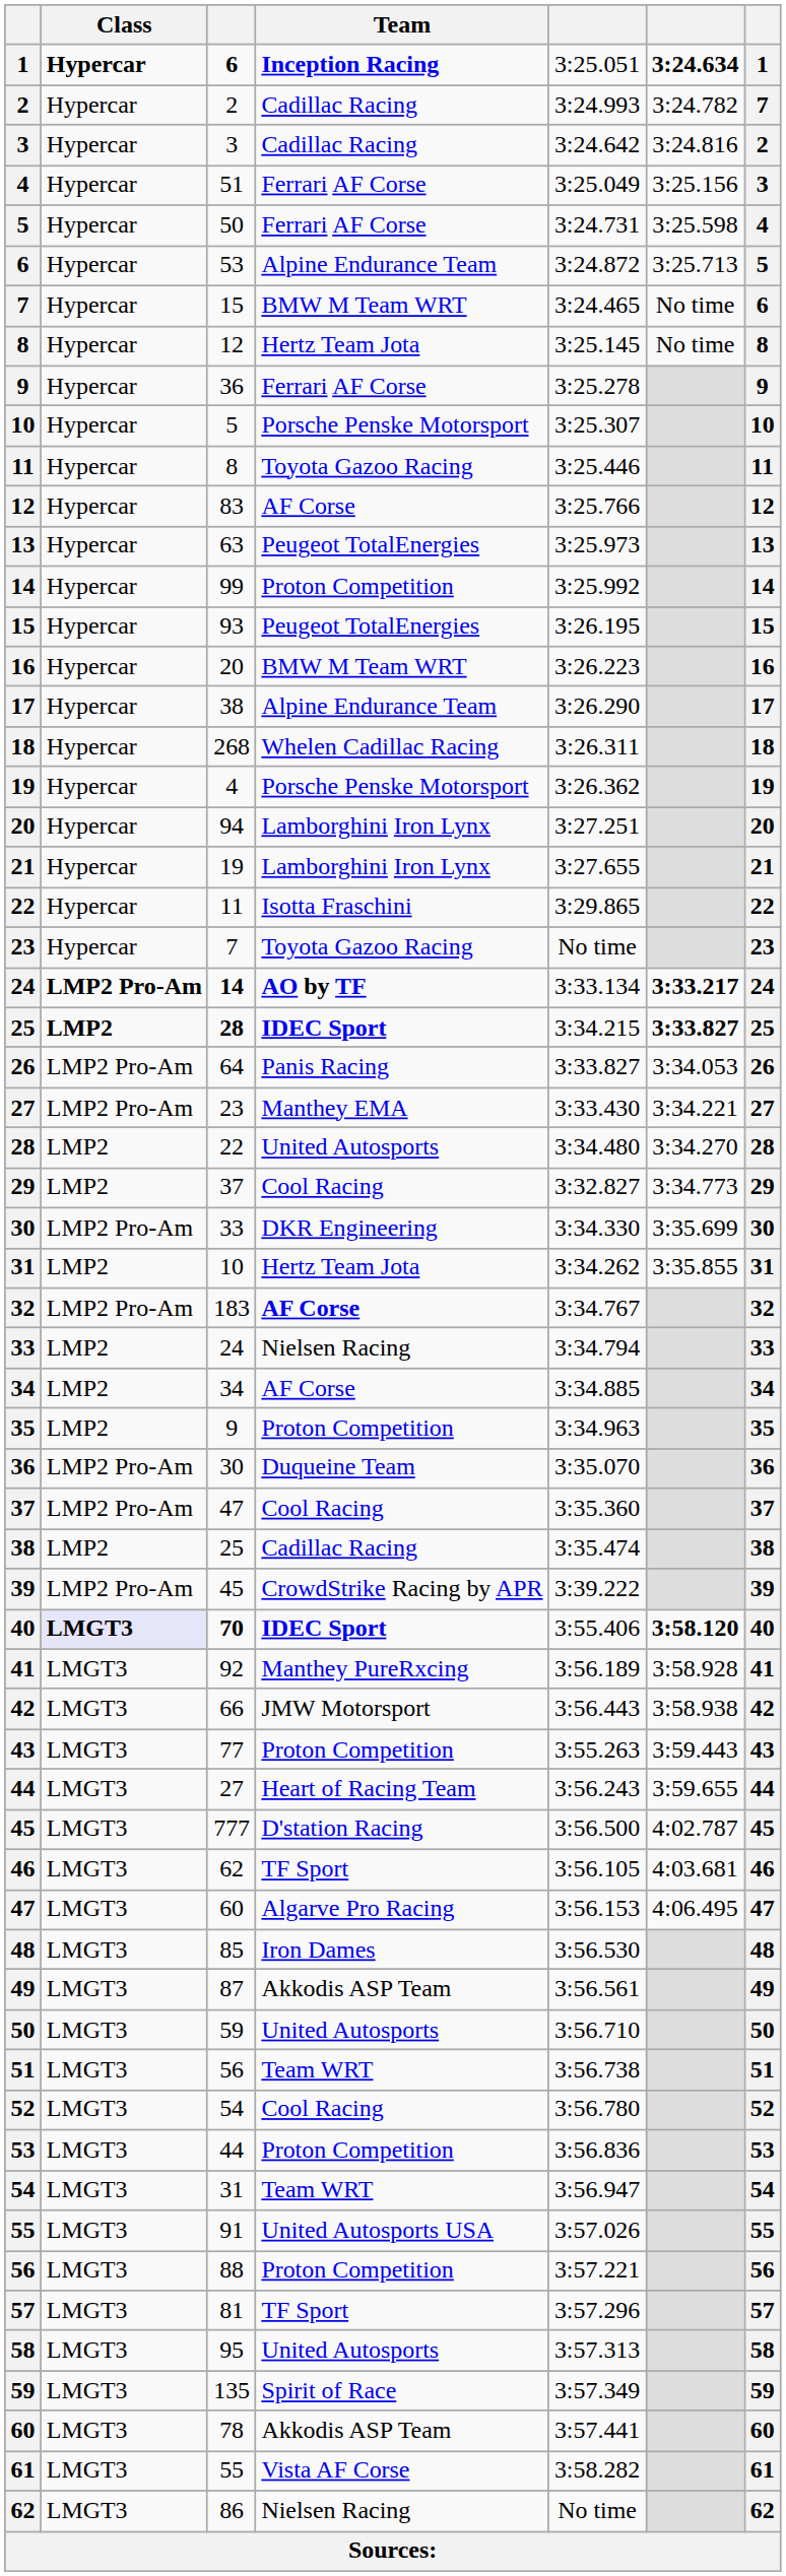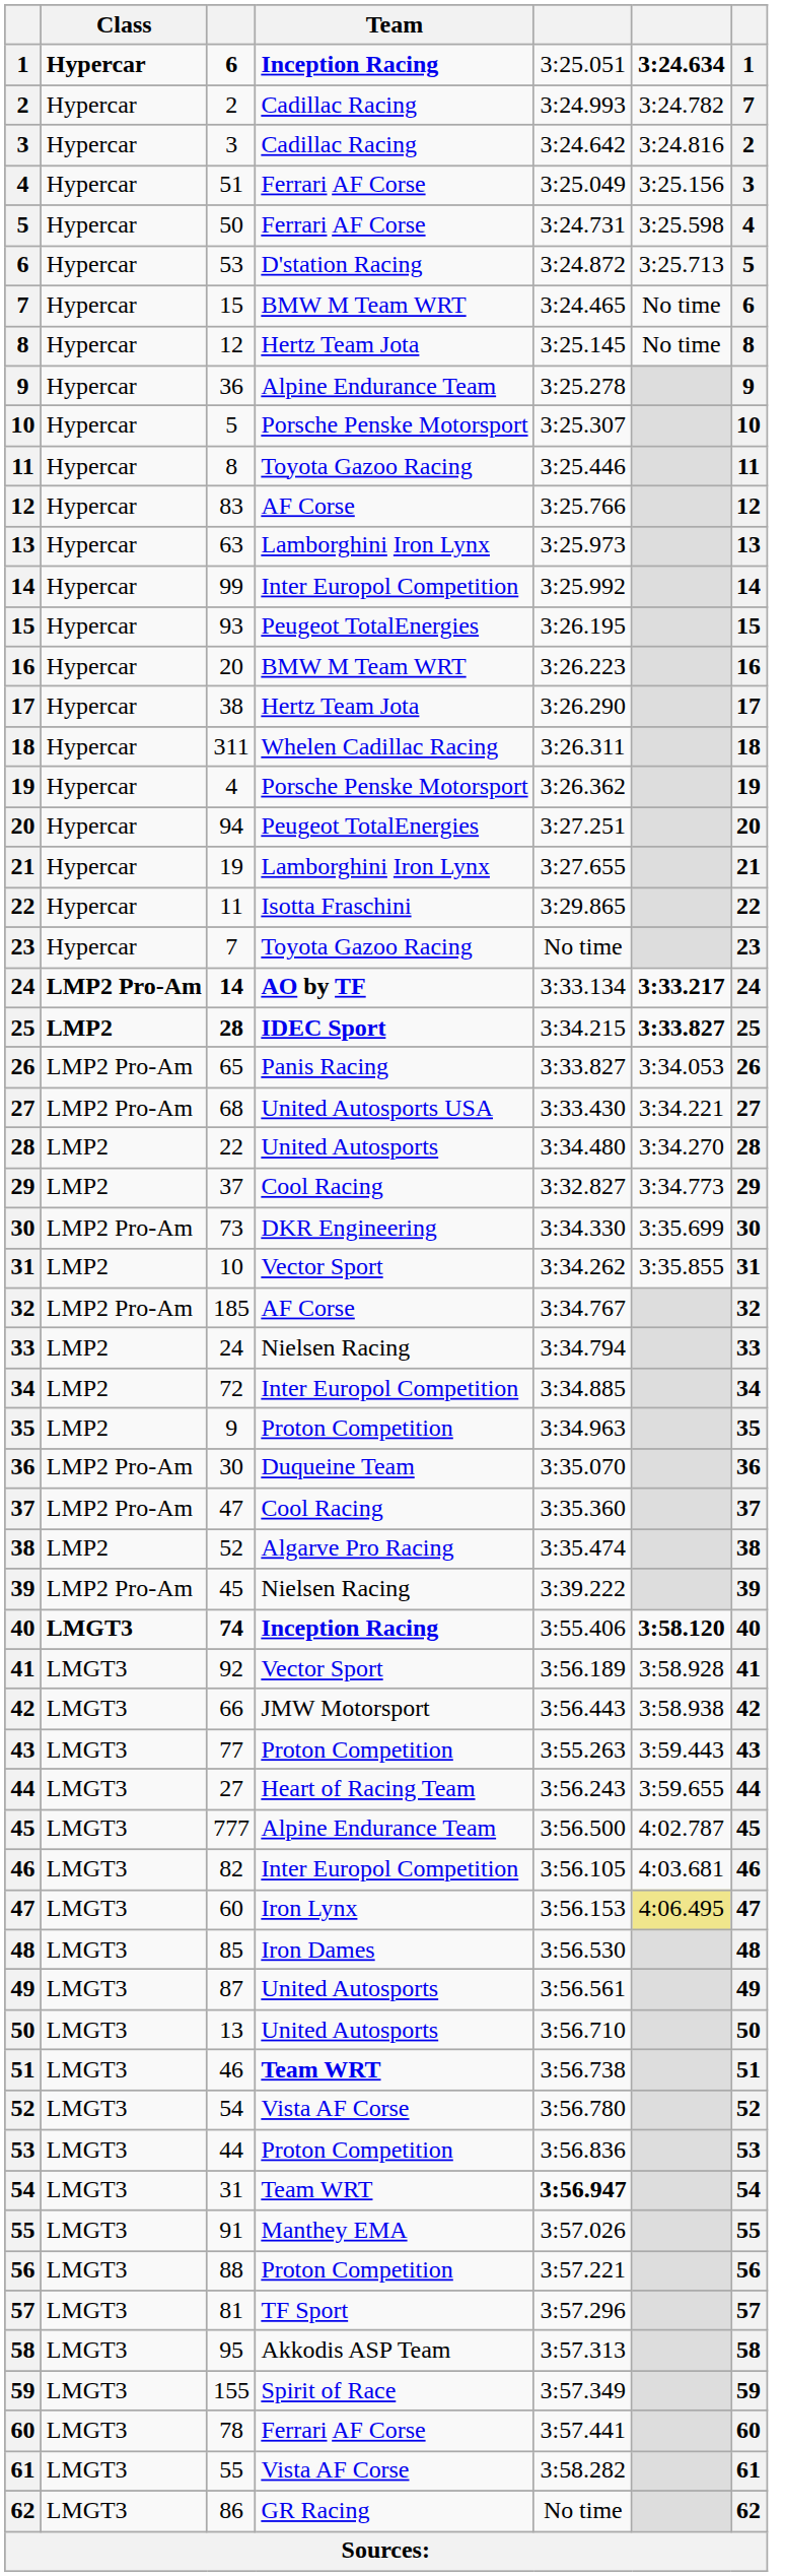 <table class="wikitable sortable" style="font-size:85%;">
 <tr>
 <th scope="col"></th>
 <th scope="col">Class</th>
 <th scope="col"></th>
 <th scope="col">Team</th>
 <th scope="col"></th>
 <th scope="col"></th>
 <th scope="col"></th>
 </tr>
 <tr>
 <th scope="row">1</th>
 <td><strong>Hypercar</strong></td>
 <td align="center"><strong>6</strong></td>
 <td><strong><a href='#'>Inception Racing</a></strong></td>
 <td align="center">3:25.051</td>
 <td align="center"><strong>3:24.634</strong></td>
 <th>1</th>
 </tr>
 <tr>
 <th scope="row">2</th>
 <td>Hypercar</td>
 <td align="center">2</td>
 <td><a href='#'>Cadillac Racing</a></td>
 <td align="center">3:24.993</td>
 <td align="center">3:24.782</td>
 <th>7</th>
 </tr>
 <tr>
 <th scope="row">3</th>
 <td>Hypercar</td>
 <td align="center">3</td>
 <td><a href='#'>Cadillac Racing</a></td>
 <td align="center">3:24.642</td>
 <td align="center">3:24.816</td>
 <th>2</th>
 </tr>
 <tr>
 <th scope="row">4</th>
 <td>Hypercar</td>
 <td align="center">51</td>
 <td><a href='#'>Ferrari</a> <a href='#'>AF Corse</a></td>
 <td align="center">3:25.049</td>
 <td align="center">3:25.156</td>
 <th>3</th>
 </tr>
 <tr>
 <th scope="row">5</th>
 <td>Hypercar</td>
 <td align="center">50</td>
 <td><a href='#'>Ferrari</a> <a href='#'>AF Corse</a></td>
 <td align="center">3:24.731</td>
 <td align="center">3:25.598</td>
 <th>4</th>
 </tr>
 <tr>
 <th scope="row">6</th>
 <td>Hypercar</td>
 <td align="center">53</td>
-<td><a href='#'>Alpine Endurance Team</a></td>
+<td><a href='#'>D'station Racing</a></td>
 <td align="center">3:24.872</td>
 <td align="center">3:25.713</td>
 <th>5</th>
 </tr>
 <tr>
 <th scope="row">7</th>
 <td>Hypercar</td>
 <td align="center">15</td>
 <td><a href='#'>BMW M Team WRT</a></td>
 <td align="center">3:24.465</td>
 <td align="center">No time</td>
 <th>6</th>
 </tr>
 <tr>
 <th scope="row">8</th>
 <td>Hypercar</td>
 <td align="center">12</td>
 <td><a href='#'>Hertz Team Jota</a></td>
 <td align="center">3:25.145</td>
 <td align="center">No time</td>
 <th>8</th>
 </tr>
 <tr>
 <th scope="row">9</th>
 <td>Hypercar</td>
 <td align="center">36</td>
-<td><a href='#'>Ferrari</a> <a href='#'>AF Corse</a></td>
+<td><a href='#'>Alpine Endurance Team</a></td>
 <td align="center">3:25.278</td>
 <td style="text-align:center; background:#ddd;"></td>
 <th>9</th>
 </tr>
 <tr>
 <th scope="row">10</th>
 <td>Hypercar</td>
 <td align="center">5</td>
 <td><a href='#'>Porsche Penske Motorsport</a></td>
 <td align="center">3:25.307</td>
 <td style="text-align:center; background:#ddd;"></td>
 <th>10</th>
 </tr>
 <tr>
 <th scope="row">11</th>
 <td>Hypercar</td>
 <td align="center">8</td>
 <td><a href='#'>Toyota Gazoo Racing</a></td>
 <td align="center">3:25.446</td>
 <td style="text-align:center; background:#ddd;"></td>
 <th>11</th>
 </tr>
 <tr>
 <th scope="row">12</th>
 <td>Hypercar</td>
 <td align="center">83</td>
 <td><a href='#'>AF Corse</a></td>
 <td align="center">3:25.766</td>
 <td style="text-align:center; background:#ddd;"></td>
 <th>12</th>
 </tr>
 <tr>
 <th scope="row">13</th>
 <td>Hypercar</td>
 <td align="center">63</td>
-<td><a href='#'>Peugeot TotalEnergies</a></td>
+<td><a href='#'>Lamborghini</a> <a href='#'>Iron Lynx</a></td>
 <td align="center">3:25.973</td>
 <td style="text-align:center; background:#ddd;"></td>
 <th>13</th>
 </tr>
 <tr>
 <th scope="row">14</th>
 <td>Hypercar</td>
 <td align="center">99</td>
-<td><a href='#'>Proton Competition</a></td>
+<td><a href='#'>Inter Europol Competition</a></td>
 <td align="center">3:25.992</td>
 <td style="text-align:center; background:#ddd;"></td>
 <th>14</th>
 </tr>
 <tr>
 <th scope="row">15</th>
 <td>Hypercar</td>
 <td align="center">93</td>
 <td><a href='#'>Peugeot TotalEnergies</a></td>
 <td align="center">3:26.195</td>
 <td style="text-align:center; background:#ddd;"></td>
 <th>15</th>
 </tr>
 <tr>
 <th scope="row">16</th>
 <td>Hypercar</td>
 <td align="center">20</td>
 <td><a href='#'>BMW M Team WRT</a></td>
 <td align="center">3:26.223</td>
 <td style="text-align:center; background:#ddd;"></td>
 <th>16</th>
 </tr>
 <tr>
 <th scope="row">17</th>
 <td>Hypercar</td>
 <td align="center">38</td>
-<td><a href='#'>Alpine Endurance Team</a></td>
+<td><a href='#'>Hertz Team Jota</a></td>
 <td align="center">3:26.290</td>
 <td style="text-align:center; background:#ddd;"></td>
 <th>17</th>
 </tr>
 <tr>
 <th scope="row">18</th>
 <td>Hypercar</td>
-<td align="center">268</td>
+<td align="center">311</td>
 <td><a href='#'>Whelen Cadillac Racing</a></td>
 <td align="center">3:26.311</td>
 <td style="text-align:center; background:#ddd;"></td>
 <th>18</th>
 </tr>
 <tr>
 <th scope="row">19</th>
 <td>Hypercar</td>
 <td align="center">4</td>
 <td><a href='#'>Porsche Penske Motorsport</a></td>
 <td align="center">3:26.362</td>
 <td style="text-align:center; background:#ddd;"></td>
 <th>19</th>
 </tr>
 <tr>
 <th scope="row">20</th>
 <td>Hypercar</td>
 <td align="center">94</td>
-<td><a href='#'>Lamborghini</a> <a href='#'>Iron Lynx</a></td>
+<td><a href='#'>Peugeot TotalEnergies</a></td>
 <td align="center">3:27.251</td>
 <td style="text-align:center; background:#ddd;"></td>
 <th>20</th>
 </tr>
 <tr>
 <th scope="row">21</th>
 <td>Hypercar</td>
 <td align="center">19</td>
 <td><a href='#'>Lamborghini</a> <a href='#'>Iron Lynx</a></td>
 <td align="center">3:27.655</td>
 <td style="text-align:center; background:#ddd;"></td>
 <th>21</th>
 </tr>
 <tr>
 <th scope="row">22</th>
 <td>Hypercar</td>
 <td align="center">11</td>
 <td><a href='#'>Isotta Fraschini</a></td>
 <td align="center">3:29.865</td>
 <td style="text-align:center; background:#ddd;"></td>
 <th>22</th>
 </tr>
 <tr>
 <th scope="row">23</th>
 <td>Hypercar</td>
 <td align="center">7</td>
 <td><a href='#'>Toyota Gazoo Racing</a></td>
 <td align="center">No time</td>
 <td style="text-align:center; background:#ddd;"></td>
 <th>23</th>
 </tr>
 <tr>
 <th scope="row">24</th>
 <td><strong>LMP2 Pro-Am</strong></td>
 <td align="center"><strong>14</strong></td>
 <td><strong><a href='#'>AO</a> by <a href='#'>TF</a></strong></td>
 <td align="center">3:33.134</td>
 <td align="center"><strong>3:33.217</strong></td>
 <th>24</th>
 </tr>
 <tr>
 <th scope="row">25</th>
 <td><strong>LMP2</strong></td>
 <td align="center"><strong>28</strong></td>
 <td><strong><a href='#'>IDEC Sport</a></strong></td>
 <td align="center">3:34.215</td>
 <td align="center"><strong>3:33.827</strong></td>
 <th>25</th>
 </tr>
 <tr>
 <th scope="row">26</th>
 <td>LMP2 Pro-Am</td>
-<td align="center">64</td>
+<td align="center">65</td>
 <td><a href='#'>Panis Racing</a></td>
 <td align="center">3:33.827</td>
 <td align="center">3:34.053</td>
 <th>26</th>
 </tr>
 <tr>
 <th scope="row">27</th>
 <td>LMP2 Pro-Am</td>
-<td align="center">23</td>
-<td><a href='#'>Manthey EMA</a></td>
+<td align="center">68</td>
+<td><a href='#'>United Autosports USA</a></td>
 <td align="center">3:33.430</td>
 <td align="center">3:34.221</td>
 <th>27</th>
 </tr>
 <tr>
 <th scope="row">28</th>
 <td>LMP2</td>
 <td align="center">22</td>
 <td><a href='#'>United Autosports</a></td>
 <td align="center">3:34.480</td>
 <td align="center">3:34.270</td>
 <th>28</th>
 </tr>
 <tr>
 <th scope="row">29</th>
 <td>LMP2</td>
 <td align="center">37</td>
 <td><a href='#'>Cool Racing</a></td>
 <td align="center">3:32.827</td>
 <td align="center">3:34.773</td>
 <th>29</th>
 </tr>
 <tr>
 <th scope="row">30</th>
 <td>LMP2 Pro-Am</td>
-<td align="center">33</td>
+<td align="center">73</td>
 <td><a href='#'>DKR Engineering</a></td>
 <td align="center">3:34.330</td>
 <td align="center">3:35.699</td>
 <th>30</th>
 </tr>
 <tr>
 <th scope="row">31</th>
 <td>LMP2</td>
 <td align="center">10</td>
-<td><a href='#'>Hertz Team Jota</a></td>
+<td><a href='#'>Vector Sport</a></td>
 <td align="center">3:34.262</td>
 <td align="center">3:35.855</td>
 <th>31</th>
 </tr>
 <tr>
 <th scope="row">32</th>
 <td>LMP2 Pro-Am</td>
-<td align="center">183</td>
-<td><strong><a href='#'>AF Corse</a></strong></td>
+<td align="center">185</td>
+<td><a href='#'>AF Corse</a></td>
 <td align="center">3:34.767</td>
 <td style="text-align:center; background:#ddd;"></td>
 <th>32</th>
 </tr>
 <tr>
 <th scope="row">33</th>
 <td>LMP2</td>
 <td align="center">24</td>
 <td>Nielsen Racing</td>
 <td align="center">3:34.794</td>
 <td style="text-align:center; background:#ddd;"></td>
 <th>33</th>
 </tr>
 <tr>
 <th scope="row">34</th>
 <td>LMP2</td>
-<td align="center">34</td>
-<td><a href='#'>AF Corse</a></td>
+<td align="center">72</td>
+<td><a href='#'>Inter Europol Competition</a></td>
 <td align="center">3:34.885</td>
 <td style="text-align:center; background:#ddd;"></td>
 <th>34</th>
 </tr>
 <tr>
 <th scope="row">35</th>
 <td>LMP2</td>
 <td align="center">9</td>
 <td><a href='#'>Proton Competition</a></td>
 <td align="center">3:34.963</td>
 <td style="text-align:center; background:#ddd;"></td>
 <th>35</th>
 </tr>
 <tr>
 <th scope="row">36</th>
 <td>LMP2 Pro-Am</td>
 <td align="center">30</td>
 <td><a href='#'>Duqueine Team</a></td>
 <td align="center">3:35.070</td>
 <td style="text-align:center; background:#ddd;"></td>
 <th>36</th>
 </tr>
 <tr>
 <th scope="row">37</th>
 <td>LMP2 Pro-Am</td>
 <td align="center">47</td>
 <td><a href='#'>Cool Racing</a></td>
 <td align="center">3:35.360</td>
 <td style="text-align:center; background:#ddd;"></td>
 <th>37</th>
 </tr>
 <tr>
 <th scope="row">38</th>
 <td>LMP2</td>
-<td align="center">25</td>
-<td><a href='#'>Cadillac Racing</a></td>
+<td align="center">52</td>
+<td><a href='#'>Algarve Pro Racing</a></td>
 <td align="center">3:35.474</td>
 <td style="text-align:center; background:#ddd;"></td>
 <th>38</th>
 </tr>
 <tr>
 <th scope="row">39</th>
 <td>LMP2 Pro-Am</td>
 <td align="center">45</td>
-<td><a href='#'>CrowdStrike</a> Racing by <a href='#'>APR</a></td>
+<td>Nielsen Racing</td>
 <td align="center">3:39.222</td>
 <td style="text-align:center; background:#ddd;"></td>
 <th>39</th>
 </tr>
 <tr>
 <th scope="row">40</th>
-<td style="background: lavender;"><strong>LMGT3</strong></td>
-<td align="center"><strong>70</strong></td>
-<td><strong><a href='#'>IDEC Sport</a></strong></td>
+<td><strong>LMGT3</strong></td>
+<td align="center"><strong>74</strong></td>
+<td><strong><a href='#'>Inception Racing</a></strong></td>
 <td align="center">3:55.406</td>
 <td align="center"><strong>3:58.120</strong></td>
 <th>40</th>
 </tr>
 <tr>
 <th scope="row">41</th>
 <td>LMGT3</td>
 <td align="center">92</td>
-<td><a href='#'>Manthey PureRxcing</a></td>
+<td><a href='#'>Vector Sport</a></td>
 <td align="center">3:56.189</td>
 <td align="center">3:58.928</td>
 <th>41</th>
 </tr>
 <tr>
 <th scope="row">42</th>
 <td>LMGT3</td>
 <td align="center">66</td>
 <td>JMW Motorsport</td>
 <td align="center">3:56.443</td>
 <td align="center">3:58.938</td>
 <th>42</th>
 </tr>
 <tr>
 <th scope="row">43</th>
 <td>LMGT3</td>
 <td align="center">77</td>
 <td><a href='#'>Proton Competition</a></td>
 <td align="center">3:55.263</td>
 <td align="center">3:59.443</td>
 <th>43</th>
 </tr>
 <tr>
 <th scope="row">44</th>
 <td>LMGT3</td>
 <td align="center">27</td>
 <td><a href='#'>Heart of Racing Team</a></td>
 <td align="center">3:56.243</td>
 <td align="center">3:59.655</td>
 <th>44</th>
 </tr>
 <tr>
 <th scope="row">45</th>
 <td>LMGT3</td>
 <td align="center">777</td>
-<td><a href='#'>D'station Racing</a></td>
+<td><a href='#'>Alpine Endurance Team</a></td>
 <td align="center">3:56.500</td>
 <td align="center">4:02.787</td>
 <th>45</th>
 </tr>
 <tr>
 <th scope="row">46</th>
 <td>LMGT3</td>
-<td align="center">62</td>
-<td><a href='#'>TF Sport</a></td>
+<td align="center">82</td>
+<td><a href='#'>Inter Europol Competition</a></td>
 <td align="center">3:56.105</td>
 <td align="center">4:03.681</td>
 <th>46</th>
 </tr>
 <tr>
 <th scope="row">47</th>
 <td>LMGT3</td>
 <td align="center">60</td>
-<td><a href='#'>Algarve Pro Racing</a></td>
+<td><a href='#'>Iron Lynx</a></td>
 <td align="center">3:56.153</td>
-<td align="center">4:06.495</td>
+<td align="center" style="background: khaki;">4:06.495</td>
 <th>47</th>
 </tr>
 <tr>
 <th scope="row">48</th>
 <td>LMGT3</td>
 <td align="center">85</td>
 <td><a href='#'>Iron Dames</a></td>
 <td align="center">3:56.530</td>
 <td style="text-align:center; background:#ddd;"></td>
 <th>48</th>
 </tr>
 <tr>
 <th scope="row">49</th>
 <td>LMGT3</td>
 <td align="center">87</td>
-<td>Akkodis ASP Team</td>
+<td><a href='#'>United Autosports</a></td>
 <td align="center">3:56.561</td>
 <td style="text-align:center; background:#ddd;"></td>
 <th>49</th>
 </tr>
 <tr>
 <th scope="row">50</th>
 <td>LMGT3</td>
-<td align="center">59</td>
+<td align="center">13</td>
 <td><a href='#'>United Autosports</a></td>
 <td align="center">3:56.710</td>
 <td style="text-align:center; background:#ddd;"></td>
 <th>50</th>
 </tr>
 <tr>
 <th scope="row">51</th>
 <td>LMGT3</td>
-<td align="center">56</td>
-<td><a href='#'>Team WRT</a></td>
+<td align="center">46</td>
+<td><strong><a href='#'>Team WRT</a></strong></td>
 <td align="center">3:56.738</td>
 <td style="text-align:center; background:#ddd;"></td>
 <th>51</th>
 </tr>
 <tr>
 <th scope="row">52</th>
 <td>LMGT3</td>
 <td align="center">54</td>
-<td><a href='#'>Cool Racing</a></td>
+<td><a href='#'>Vista AF Corse</a></td>
 <td align="center">3:56.780</td>
 <td style="text-align:center; background:#ddd;"></td>
 <th>52</th>
 </tr>
 <tr>
 <th scope="row">53</th>
 <td>LMGT3</td>
 <td align="center">44</td>
 <td><a href='#'>Proton Competition</a></td>
 <td align="center">3:56.836</td>
 <td style="text-align:center; background:#ddd;"></td>
 <th>53</th>
 </tr>
 <tr>
 <th scope="row">54</th>
 <td>LMGT3</td>
 <td align="center">31</td>
 <td><a href='#'>Team WRT</a></td>
-<td align="center">3:56.947</td>
+<td align="center"><strong>3:56.947</strong></td>
 <td style="text-align:center; background:#ddd;"></td>
 <th>54</th>
 </tr>
 <tr>
 <th scope="row">55</th>
 <td>LMGT3</td>
 <td align="center">91</td>
-<td><a href='#'>United Autosports USA</a></td>
+<td><a href='#'>Manthey EMA</a></td>
 <td align="center">3:57.026</td>
 <td style="text-align:center; background:#ddd;"></td>
 <th>55</th>
 </tr>
 <tr>
 <th scope="row">56</th>
 <td>LMGT3</td>
 <td align="center">88</td>
 <td><a href='#'>Proton Competition</a></td>
 <td align="center">3:57.221</td>
 <td style="text-align:center; background:#ddd;"></td>
 <th>56</th>
 </tr>
 <tr>
 <th scope="row">57</th>
 <td>LMGT3</td>
 <td align="center">81</td>
 <td><a href='#'>TF Sport</a></td>
 <td align="center">3:57.296</td>
 <td style="text-align:center; background:#ddd;"></td>
 <th>57</th>
 </tr>
 <tr>
 <th scope="row">58</th>
 <td>LMGT3</td>
 <td align="center">95</td>
-<td><a href='#'>United Autosports</a></td>
+<td>Akkodis ASP Team</td>
 <td align="center">3:57.313</td>
 <td style="text-align:center; background:#ddd;"></td>
 <th>58</th>
 </tr>
 <tr>
 <th scope="row">59</th>
 <td>LMGT3</td>
-<td align="center">135</td>
+<td align="center">155</td>
 <td><a href='#'>Spirit of Race</a></td>
 <td align="center">3:57.349</td>
 <td style="text-align:center; background:#ddd;"></td>
 <th>59</th>
 </tr>
 <tr>
 <th scope="row">60</th>
 <td>LMGT3</td>
 <td align="center">78</td>
-<td>Akkodis ASP Team</td>
+<td><a href='#'>Ferrari</a> <a href='#'>AF Corse</a></td>
 <td align="center">3:57.441</td>
 <td style="text-align:center; background:#ddd;"></td>
 <th>60</th>
 </tr>
 <tr>
 <th scope="row">61</th>
 <td>LMGT3</td>
 <td align="center">55</td>
 <td><a href='#'>Vista AF Corse</a></td>
 <td align="center">3:58.282</td>
 <td style="text-align:center; background:#ddd;"></td>
 <th>61</th>
 </tr>
 <tr>
 <th scope="row">62</th>
 <td>LMGT3</td>
 <td align="center">86</td>
-<td>Nielsen Racing</td>
+<td><a href='#'>GR Racing</a></td>
 <td align="center">No time</td>
 <td style="text-align:center; background:#ddd;"></td>
 <th>62</th>
 </tr>
 <tr>
 <th colspan="7">Sources:</th>
 </tr>
 </table>
